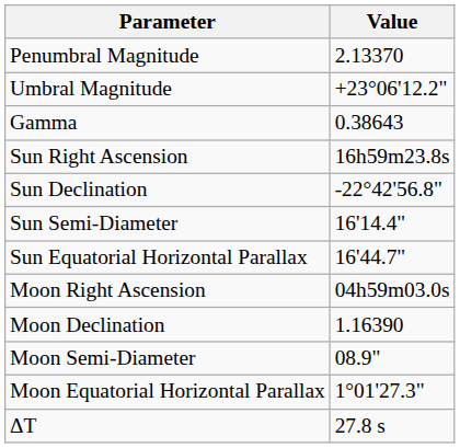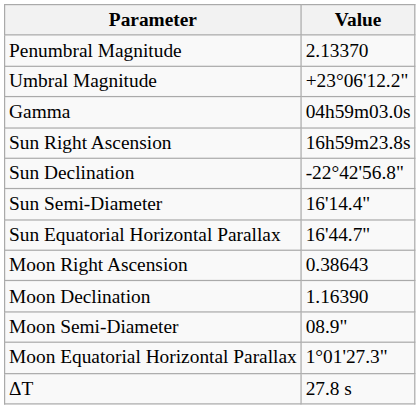 <table class="wikitable">
 <tr>
 <th>Parameter</th>
 <th>Value</th>
 </tr>
 <tr>
 <td>Penumbral Magnitude</td>
 <td>2.13370</td>
 </tr>
 <tr>
 <td>Umbral Magnitude</td>
 <td>+23°06'12.2"</td>
 </tr>
 <tr>
 <td>Gamma</td>
-<td>0.38643</td>
+<td>04h59m03.0s</td>
 </tr>
 <tr>
 <td>Sun Right Ascension</td>
 <td>16h59m23.8s</td>
 </tr>
 <tr>
 <td>Sun Declination</td>
 <td>-22°42'56.8"</td>
 </tr>
 <tr>
 <td>Sun Semi-Diameter</td>
 <td>16'14.4"</td>
 </tr>
 <tr>
 <td>Sun Equatorial Horizontal Parallax</td>
 <td>16'44.7"</td>
 </tr>
 <tr>
 <td>Moon Right Ascension</td>
-<td>04h59m03.0s</td>
+<td>0.38643</td>
 </tr>
 <tr>
 <td>Moon Declination</td>
 <td>1.16390</td>
 </tr>
 <tr>
 <td>Moon Semi-Diameter</td>
 <td>08.9"</td>
 </tr>
 <tr>
 <td>Moon Equatorial Horizontal Parallax</td>
 <td>1°01'27.3"</td>
 </tr>
 <tr>
 <td>ΔT</td>
 <td>27.8 s</td>
 </tr>
 </table>
